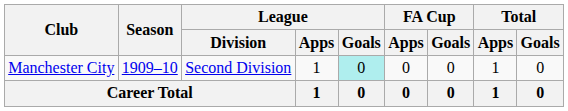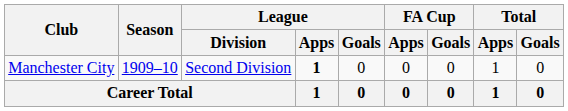 <table class="wikitable" style="text-align: center;">
 <tr>
 <th rowspan="2">Club</th>
 <th rowspan="2">Season</th>
 <th colspan="3">League</th>
 <th colspan="2">FA Cup</th>
 <th colspan="2">Total</th>
 </tr>
 <tr>
 <th>Division</th>
 <th>Apps</th>
 <th>Goals</th>
 <th>Apps</th>
 <th>Goals</th>
 <th>Apps</th>
 <th>Goals</th>
 </tr>
 <tr>
 <td><a href='#'>Manchester City</a></td>
 <td><a href='#'>1909–10</a></td>
 <td><a href='#'>Second Division</a></td>
-<td>1</td>
-<td style="background: paleturquoise;">0</td>
+<td><strong>1</strong></td>
+<td>0</td>
 <td>0</td>
 <td>0</td>
 <td>1</td>
 <td>0</td>
 </tr>
 <tr>
 <th colspan="3">Career Total</th>
 <th>1</th>
 <th>0</th>
 <th>0</th>
 <th>0</th>
 <th>1</th>
 <th>0</th>
 </tr>
 </table>
